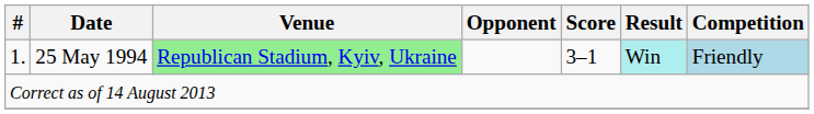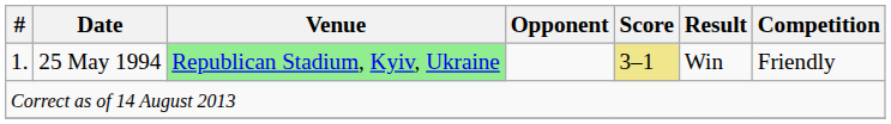 <table class="wikitable" style="font-size:95%;">
 <tr>
 <th>#</th>
 <th>Date</th>
 <th>Venue</th>
 <th>Opponent</th>
 <th>Score</th>
 <th>Result</th>
 <th>Competition</th>
 </tr>
 <tr>
 <td>1.</td>
 <td>25 May 1994</td>
 <td style="background: lightgreen;"><a href='#'>Republican Stadium</a>, <a href='#'>Kyiv</a>, <a href='#'>Ukraine</a></td>
 <td></td>
-<td>3–1</td>
-<td style="background: paleturquoise;">Win</td>
-<td style="background: lightblue;">Friendly</td>
+<td style="background: khaki;">3–1</td>
+<td>Win</td>
+<td>Friendly</td>
 </tr>
 <tr>
 <td colspan="12"><small><em>Correct as of 14 August 2013</em></small></td>
 </tr>
 <tr>
 </tr>
 </table>
